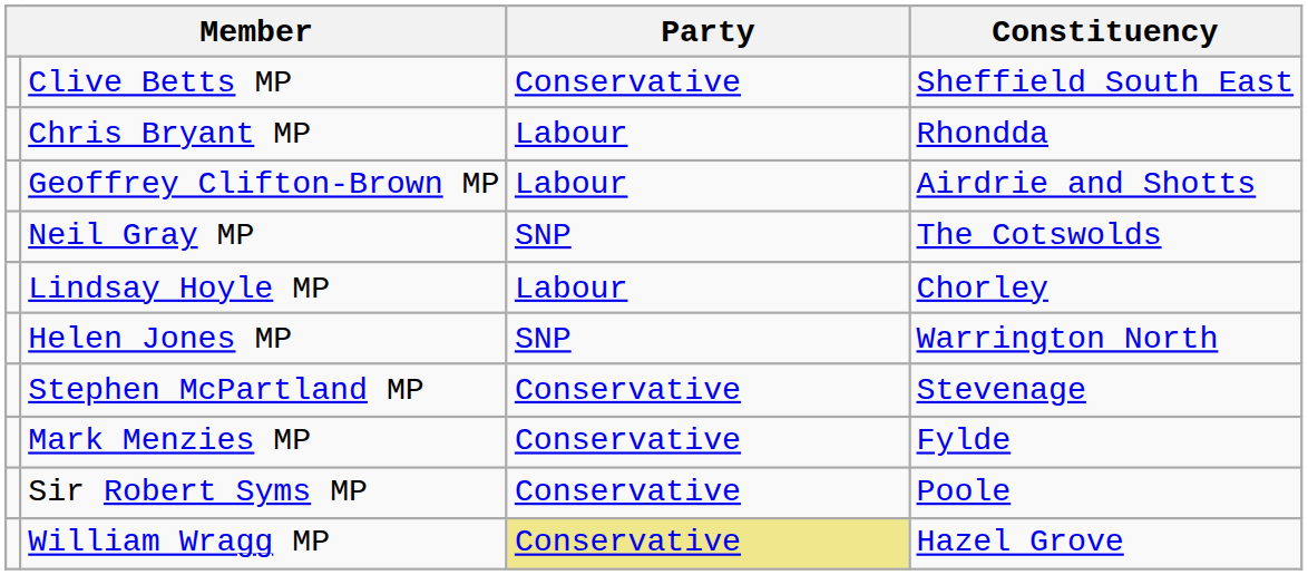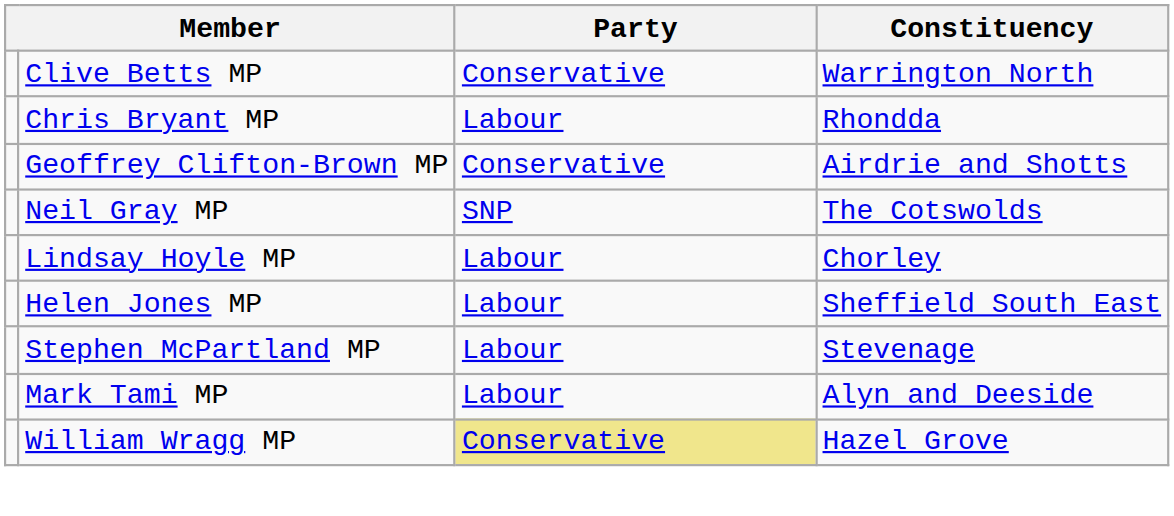 <table class="wikitable">
 <tr>
 <th width="160px" colspan="2" valign="top">Member</th>
 <th width="160px" valign="top">Party</th>
 <th valign="top">Constituency</th>
 </tr>
 <tr>
 <td style="color:inherit;background:"></td>
 <td><a href='#'>Clive Betts</a> MP</td>
 <td><a href='#'>Conservative</a></td>
-<td><a href='#'>Sheffield South East</a></td>
+<td><a href='#'>Warrington North</a></td>
 </tr>
 <tr>
 <td style="color:inherit;background:"></td>
 <td><a href='#'>Chris Bryant</a> MP</td>
 <td><a href='#'>Labour</a></td>
 <td><a href='#'>Rhondda</a></td>
 </tr>
 <tr>
 <td style="color:inherit;background:"></td>
 <td><a href='#'>Geoffrey Clifton-Brown</a> MP</td>
-<td><a href='#'>Labour</a></td>
+<td><a href='#'>Conservative</a></td>
 <td><a href='#'>Airdrie and Shotts</a></td>
 </tr>
 <tr>
 <td style="color:inherit;background:"></td>
 <td><a href='#'>Neil Gray</a> MP</td>
 <td><a href='#'>SNP</a></td>
 <td><a href='#'>The Cotswolds</a></td>
 </tr>
 <tr>
 <td style="color:inherit;background:"></td>
 <td><a href='#'>Lindsay Hoyle</a> MP</td>
 <td><a href='#'>Labour</a></td>
 <td><a href='#'>Chorley</a></td>
 </tr>
 <tr>
 <td style="color:inherit;background:"></td>
 <td><a href='#'>Helen Jones</a> MP</td>
-<td><a href='#'>SNP</a></td>
-<td><a href='#'>Warrington North</a></td>
+<td><a href='#'>Labour</a></td>
+<td><a href='#'>Sheffield South East</a></td>
 </tr>
 <tr>
 <td style="color:inherit;background:"></td>
 <td><a href='#'>Stephen McPartland</a> MP</td>
-<td><a href='#'>Conservative</a></td>
+<td><a href='#'>Labour</a></td>
 <td><a href='#'>Stevenage</a></td>
 </tr>
 <tr>
 <td style="color:inherit;background:"></td>
-<td><a href='#'>Mark Menzies</a> MP</td>
-<td><a href='#'>Conservative</a></td>
-<td><a href='#'>Fylde</a></td>
-</tr>
-<tr>
-<td style="color:inherit;background:"></td>
-<td>Sir <a href='#'>Robert Syms</a> MP</td>
-<td><a href='#'>Conservative</a></td>
-<td><a href='#'>Poole</a></td>
+<td><a href='#'>Mark Tami</a> MP</td>
+<td><a href='#'>Labour</a></td>
+<td><a href='#'>Alyn and Deeside</a></td>
 </tr>
 <tr>
 <td style="color:inherit;background:"></td>
 <td><a href='#'>William Wragg</a> MP</td>
 <td style="background: khaki;"><a href='#'>Conservative</a></td>
 <td><a href='#'>Hazel Grove</a></td>
 </tr>
 </table>
